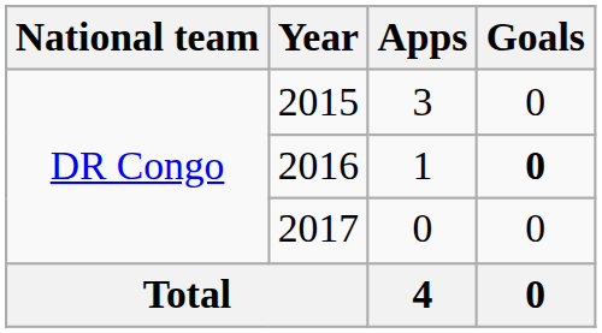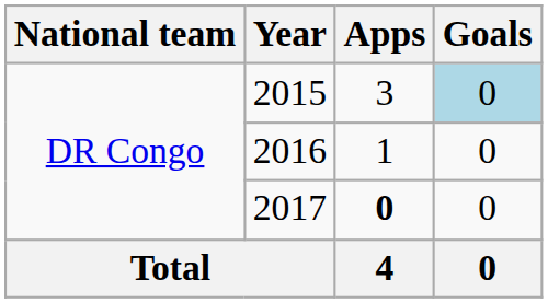 <table class="wikitable" style="text-align:center">
 <tr>
 <th>National team</th>
 <th>Year</th>
 <th>Apps</th>
 <th>Goals</th>
 </tr>
 <tr>
 <td rowspan=3><a href='#'>DR Congo</a></td>
 <td>2015</td>
 <td>3</td>
-<td>0</td>
+<td style="background: lightblue;">0</td>
 </tr>
 <tr>
 <td>2016</td>
 <td>1</td>
-<td><strong>0</strong></td>
+<td>0</td>
 </tr>
 <tr>
 <td>2017</td>
-<td>0</td>
+<td><strong>0</strong></td>
 <td>0</td>
 </tr>
 <tr>
 <th colspan=2>Total</th>
 <th>4</th>
 <th>0</th>
 </tr>
 </table>
